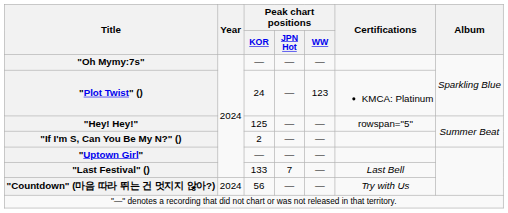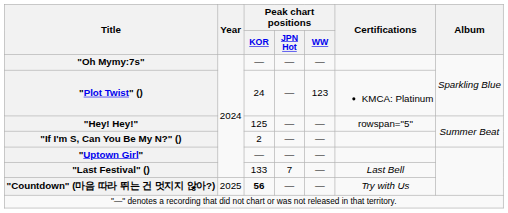 <table class="wikitable plainrowheaders" style="text-align:center">
 <tr>
 <th scope="col" rowspan="2">Title</th>
 <th scope="col" rowspan="2">Year</th>
 <th scope="col" colspan="3">Peak chart positions</th>
 <th scope="col" rowspan="2">Certifications</th>
 <th scope="col" rowspan="2">Album</th>
 </tr>
 <tr>
 <th scope="col" style="font-size:90%; width:3em"><a href='#'>KOR</a><br></th>
 <th scope="col" style="font-size:90%; width:3em"><a href='#'>JPN<br>Hot</a><br></th>
 <th scope="col" style="font-size:90%; width:3em"><a href='#'>WW</a><br></th>
 </tr>
 <tr>
 <th scope="row">"Oh Mymy:7s"</th>
 <td rowspan="6">2024</td>
 <td>—</td>
 <td>—</td>
 <td>—</td>
 <td></td>
 <td rowspan="2"><em>Sparkling Blue</em></td>
 </tr>
 <tr>
 <th scope="row">"<a href='#'>Plot Twist</a>" ()</th>
 <td>24</td>
 <td>—</td>
 <td>123</td>
 <td><br><ul><li>KMCA: Platinum </li></ul></td>
 </tr>
 <tr>
 <th scope="row">"Hey! Hey!"</th>
 <td>125</td>
 <td>—</td>
 <td>—</td>
 <td>rowspan="5" </td>
 <td rowspan="2"><em>Summer Beat</em></td>
 </tr>
 <tr>
 <th scope="row">"If I'm S, Can You Be My N?" ()</th>
 <td>2</td>
 <td>—</td>
 <td>—</td>
 </tr>
 <tr>
 <th scope="row">"<a href='#'>Uptown Girl</a>"</th>
 <td>—</td>
 <td>—</td>
 <td>—</td>
 <td></td>
 </tr>
 <tr>
 <th scope="row">"Last Festival" ()</th>
 <td>133</td>
 <td>7</td>
 <td>—</td>
 <td><em>Last Bell</em></td>
 </tr>
 <tr>
 <th scope="row">"Countdown" (마음 따라 뛰는 건 멋지지 않아?)</th>
-<td>2024</td>
-<td>56</td>
+<td>2025</td>
+<td><strong>56</strong></td>
 <td>—</td>
 <td>—</td>
 <td><em>Try with Us</em></td>
 </tr>
 <tr>
 <td colspan="7" style="font-size:85%">"—" denotes a recording that did not chart or was not released in that territory.</td>
 </tr>
 </table>
